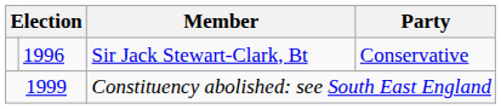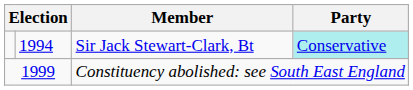 <table class="wikitable">
 <tr>
 <th colspan="2">Election</th>
 <th>Member</th>
 <th>Party</th>
 </tr>
 <tr>
 <td style="background-color: "></td>
-<td><a href='#'>1996</a></td>
+<td><a href='#'>1994</a></td>
 <td><a href='#'>Sir Jack Stewart-Clark, Bt</a></td>
-<td><a href='#'>Conservative</a></td>
+<td style="background: paleturquoise;"><a href='#'>Conservative</a></td>
 </tr>
 <tr>
 <td colspan="2" align="center"><a href='#'>1999</a></td>
 <td colspan="2"><em>Constituency abolished: see <a href='#'>South East England</a></em></td>
 </tr>
 </table>
